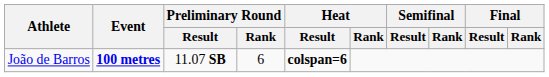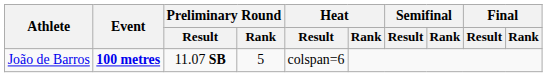 <table class="wikitable" style="font-size:90%">
 <tr>
 <th rowspan="2">Athlete</th>
 <th rowspan="2">Event</th>
 <th colspan="2">Preliminary Round</th>
 <th colspan="2">Heat</th>
 <th colspan="2">Semifinal</th>
 <th colspan="2">Final</th>
 </tr>
 <tr style="font-size:95%">
 <th>Result</th>
 <th>Rank</th>
 <th>Result</th>
 <th>Rank</th>
 <th>Result</th>
 <th>Rank</th>
 <th>Result</th>
 <th>Rank</th>
 </tr>
 <tr style=text-align:center>
 <td style=text-align:left><a href='#'>João de Barros</a></td>
 <td style=text-align:left><strong><a href='#'>100 metres</a></strong></td>
 <td>11.07 <strong>SB</strong></td>
-<td>6</td>
-<td><strong>colspan=6 </strong></td>
+<td>5</td>
+<td>colspan=6 </td>
 </tr>
 </table>
